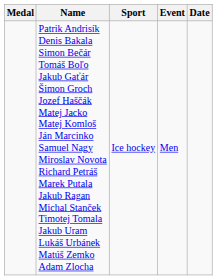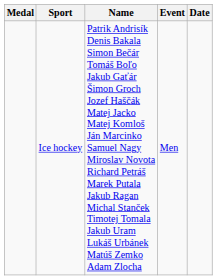 <table class="wikitable sortable" style="font-size:95%;">
 <tr>
 <th>Medal</th>
+<th>Sport</th>
 <th>Name</th>
-<th>Sport</th>
 <th>Event</th>
 <th>Date</th>
 </tr>
 <tr>
 <td></td>
+<td><a href='#'>Ice hockey</a></td>
 <td><a href='#'>Patrik Andrisík</a><br><a href='#'>Denis Bakala</a><br><a href='#'>Simon Bečár</a><br><a href='#'>Tomáš Boľo</a><br><a href='#'>Jakub Gaťár</a><br><a href='#'>Šimon Groch</a><br><a href='#'>Jozef Haščák</a><br><a href='#'>Matej Jacko</a><br><a href='#'>Matej Komloš</a><br><a href='#'>Ján Marcinko</a><br><a href='#'>Samuel Nagy</a><br><a href='#'>Miroslav Novota</a><br><a href='#'>Richard Petráš</a><br><a href='#'>Marek Putala</a><br><a href='#'>Jakub Ragan</a><br><a href='#'>Michal Stanček</a><br><a href='#'>Timotej Tomala</a><br><a href='#'>Jakub Uram</a><br><a href='#'>Lukáš Urbánek</a><br><a href='#'>Matúš Zemko</a><br><a href='#'>Adam Zlocha</a></td>
-<td><a href='#'>Ice hockey</a></td>
 <td><a href='#'>Men</a></td>
 <td></td>
 </tr>
 </table>
